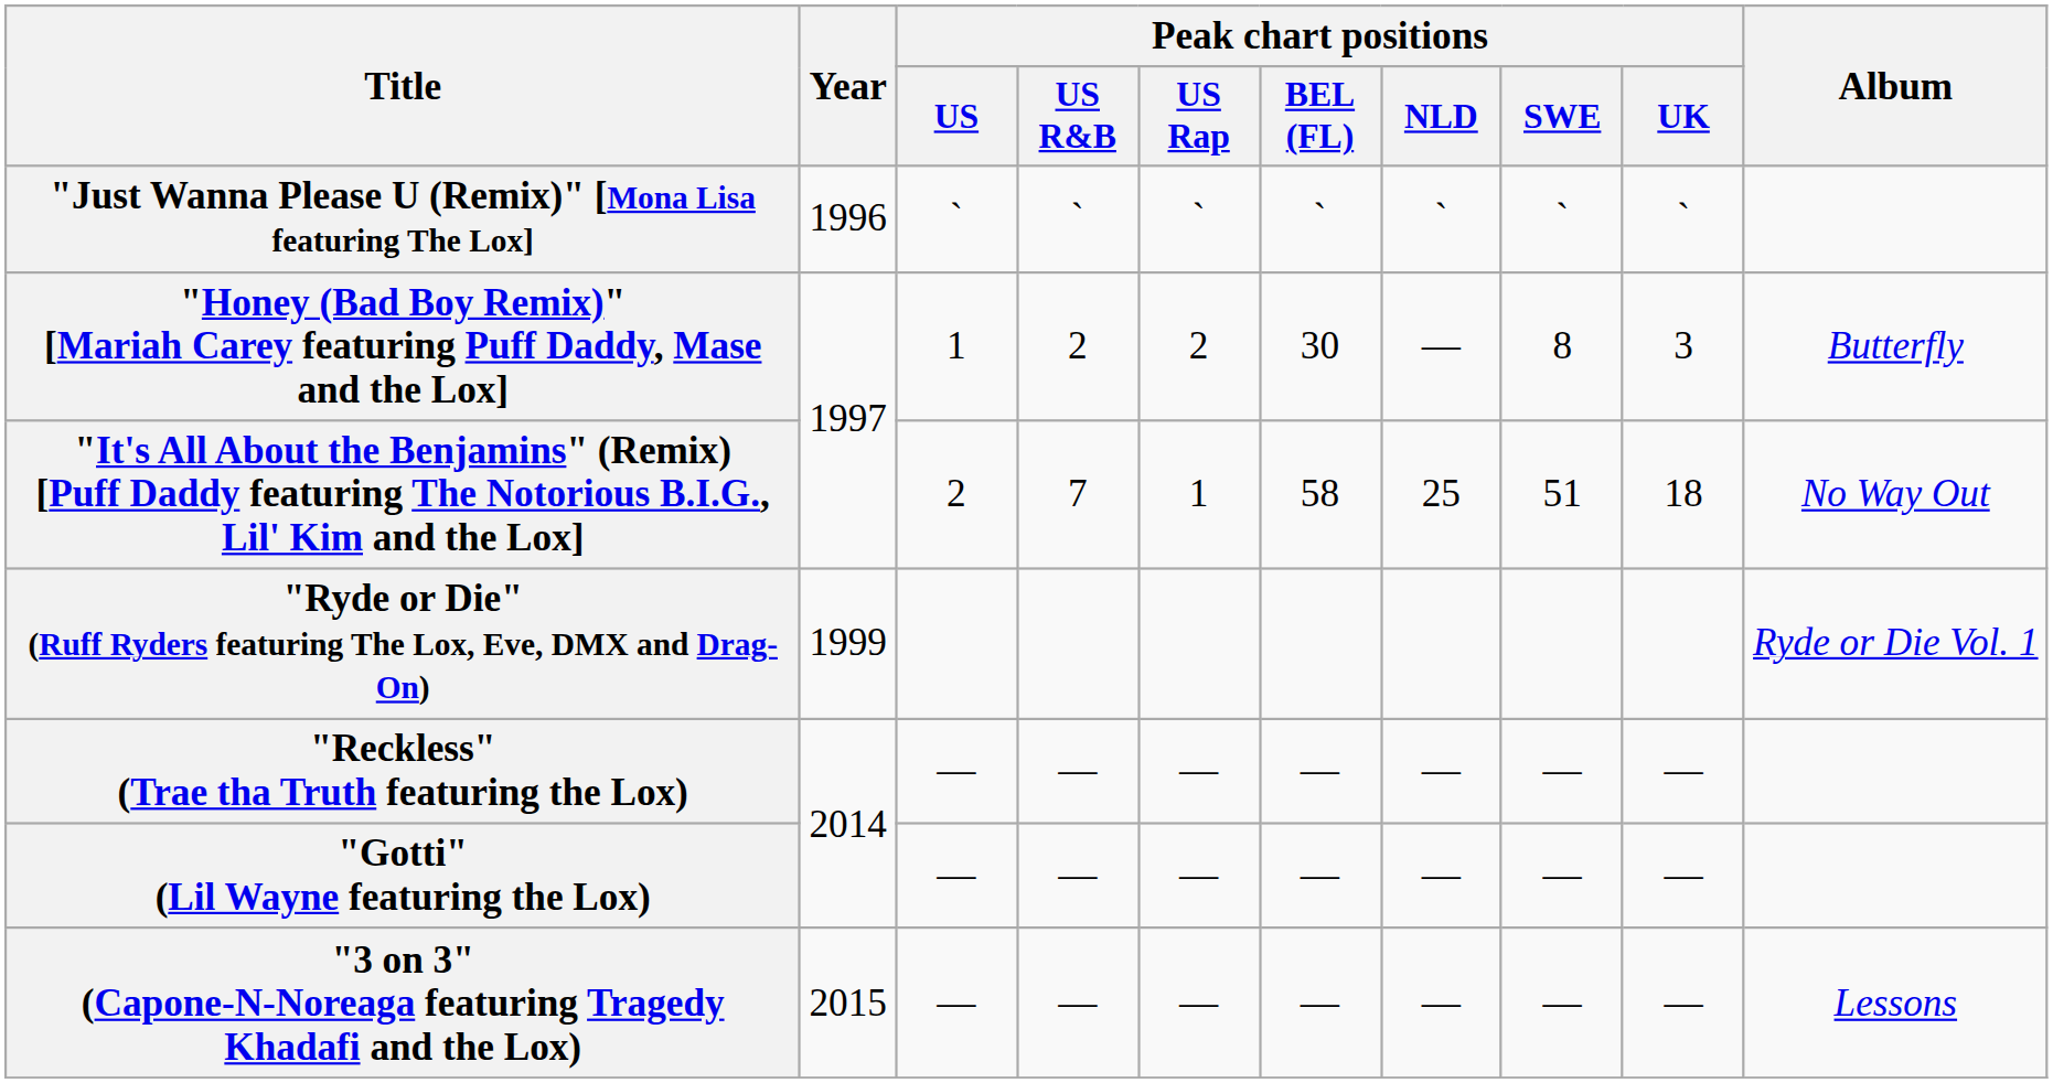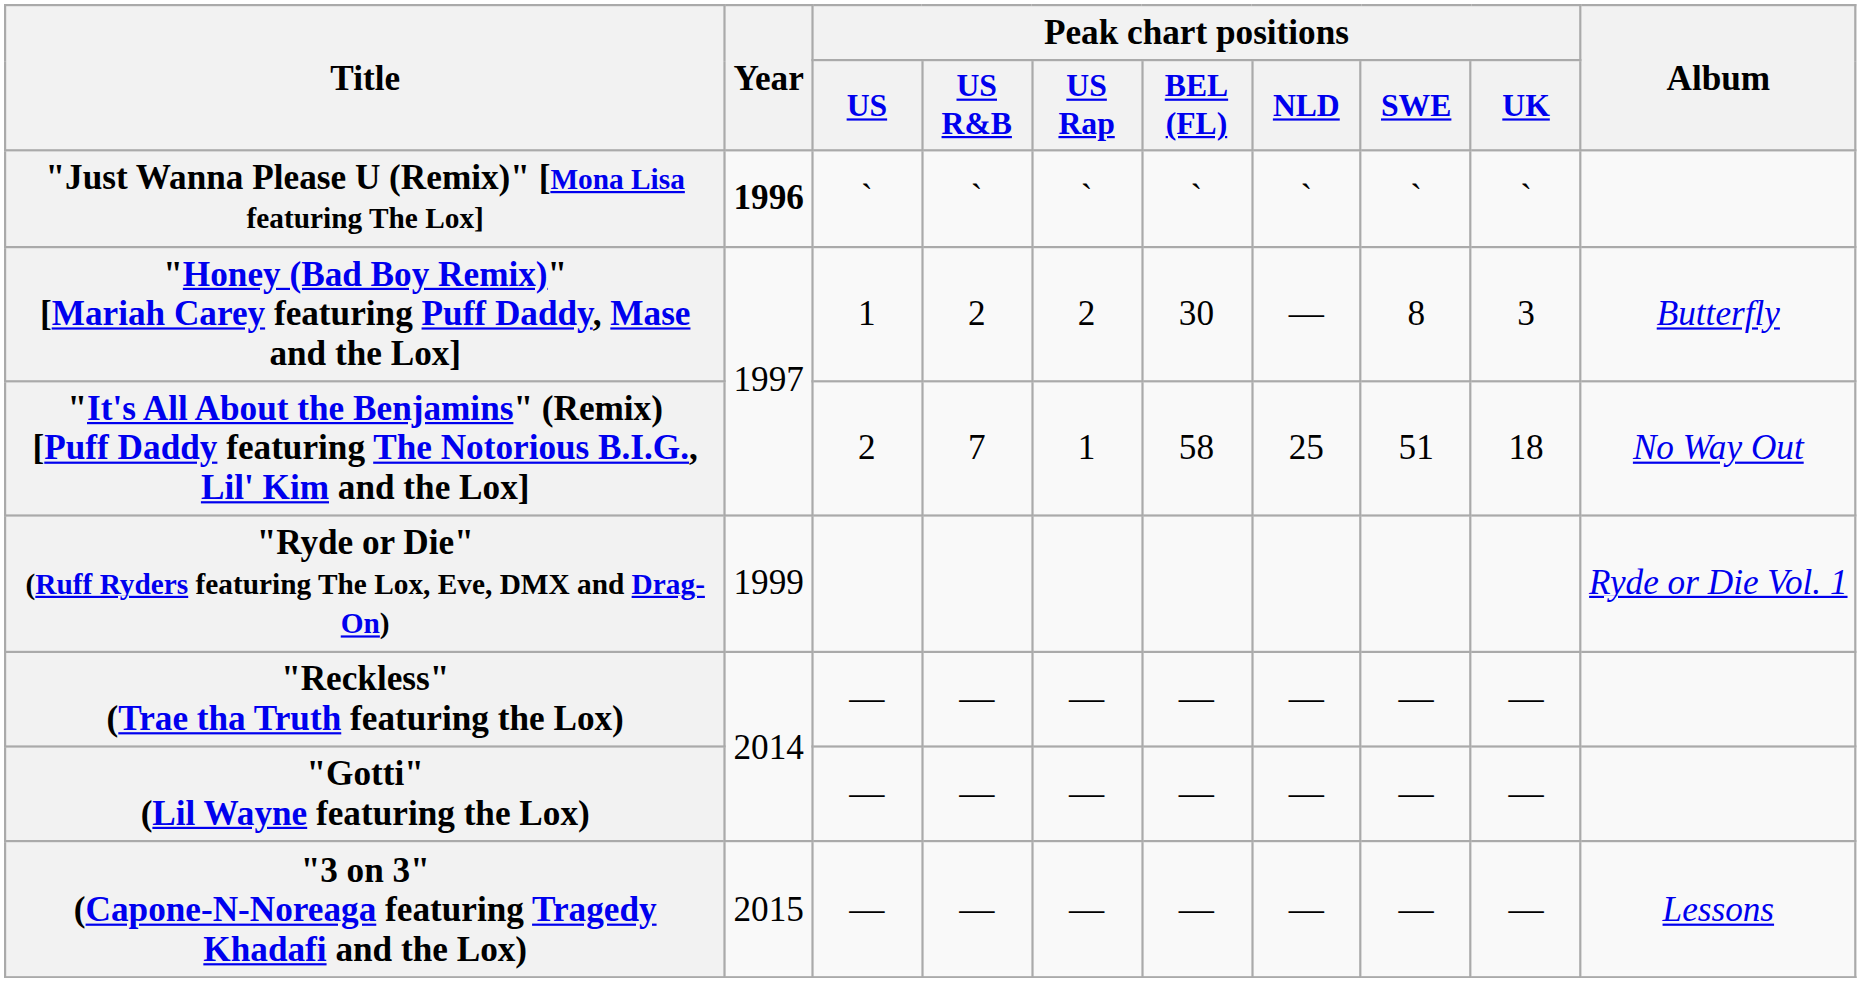 <table class="wikitable plainrowheaders" style="text-align:center;">
 <tr>
 <th scope="col" rowspan="2" style="width:20em;">Title</th>
 <th scope="col" rowspan="2">Year</th>
 <th scope="col" colspan="7">Peak chart positions</th>
 <th scope="col" rowspan="2">Album</th>
 </tr>
 <tr>
 <th scope="col" style="width:3em;font-size:90%;"><a href='#'>US</a><br></th>
 <th scope="col" style="width:3em;font-size:90%;"><a href='#'>US<br>R&B</a><br></th>
 <th scope="col" style="width:3em;font-size:90%;"><a href='#'>US<br>Rap</a><br></th>
 <th scope="col" style="width:3em;font-size:90%;"><a href='#'>BEL<br>(FL)</a><br></th>
 <th scope="col" style="width:3em;font-size:90%;"><a href='#'>NLD</a><br></th>
 <th scope="col" style="width:3em;font-size:90%;"><a href='#'>SWE</a><br></th>
 <th scope="col" style="width:3em;font-size:90%;"><a href='#'>UK</a><br></th>
 </tr>
 <tr>
 <th>"Just Wanna Please U (Remix)" [<small><a href='#'>Mona Lisa</a> featuring The Lox]</small></th>
-<td>1996</td>
+<td><strong>1996</strong></td>
 <td>`</td>
 <td>`</td>
 <td>`</td>
 <td>`</td>
 <td>`</td>
 <td>`</td>
 <td>`</td>
 <td></td>
 </tr>
 <tr>
 <th scope="row">"<a href='#'>Honey (Bad Boy Remix)</a>" <br><span>[<a href='#'>Mariah Carey</a> featuring <a href='#'>Puff Daddy</a>, <a href='#'>Mase</a> and the Lox]</span></th>
 <td rowspan="2">1997</td>
 <td>1</td>
 <td>2</td>
 <td>2</td>
 <td>30</td>
 <td>—</td>
 <td>8</td>
 <td>3</td>
 <td><a href='#'><em>Butterfly</em></a></td>
 </tr>
 <tr>
 <th scope="row">"<a href='#'>It's All About the Benjamins</a>" (Remix)<br><span>[<a href='#'>Puff Daddy</a> featuring <a href='#'>The Notorious B.I.G.</a>, <a href='#'>Lil' Kim</a> and the Lox]</span></th>
 <td>2</td>
 <td>7</td>
 <td>1</td>
 <td>58</td>
 <td>25</td>
 <td>51</td>
 <td>18</td>
 <td><em><a href='#'>No Way Out</a></em></td>
 </tr>
 <tr>
 <th>"Ryde or Die"<br><small>(<a href='#'>Ruff Ryders</a> featuring The Lox, Eve, DMX and <a href='#'>Drag-On</a>)</small></th>
 <td>1999</td>
 <td></td>
 <td></td>
 <td></td>
 <td></td>
 <td></td>
 <td></td>
 <td></td>
 <td><em><a href='#'>Ryde or Die Vol. 1</a></em></td>
 </tr>
 <tr>
 <th scope="row">"Reckless"<br><span>(<a href='#'>Trae tha Truth</a> featuring the Lox)</span></th>
 <td rowspan="2">2014</td>
 <td>—</td>
 <td>—</td>
 <td>—</td>
 <td>—</td>
 <td>—</td>
 <td>—</td>
 <td>—</td>
 <td></td>
 </tr>
 <tr>
 <th scope="row">"Gotti"<br><span>(<a href='#'>Lil Wayne</a> featuring the Lox)</span></th>
 <td>—</td>
 <td>—</td>
 <td>—</td>
 <td>—</td>
 <td>—</td>
 <td>—</td>
 <td>—</td>
 <td></td>
 </tr>
 <tr>
 <th scope="row">"3 on 3"<br><span>(<a href='#'>Capone-N-Noreaga</a> featuring <a href='#'>Tragedy Khadafi</a> and the Lox)</span></th>
 <td>2015</td>
 <td>—</td>
 <td>—</td>
 <td>—</td>
 <td>—</td>
 <td>—</td>
 <td>—</td>
 <td>—</td>
 <td><em><a href='#'>Lessons</a></em></td>
 </tr>
 <tr>
 </tr>
 </table>
